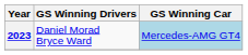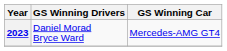 <table class="wikitable" style="font-size:85%;">
 <tr>
 <th>Year</th>
 <th>GS Winning Drivers</th>
 <th>GS Winning Car</th>
 </tr>
 <tr>
 <th><a href='#'>2023</a></th>
 <td> <a href='#'>Daniel Morad</a><br> <a href='#'>Bryce Ward</a></td>
-<td style="background: lightblue;"><a href='#'>Mercedes-AMG GT4</a></td>
+<td><a href='#'>Mercedes-AMG GT4</a></td>
 </tr>
 <tr>
 </tr>
 </table>
